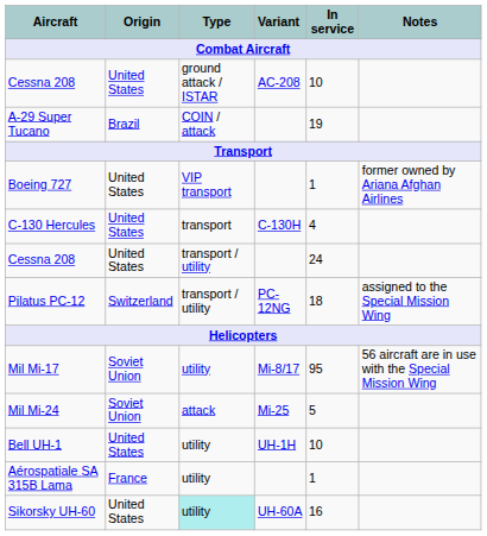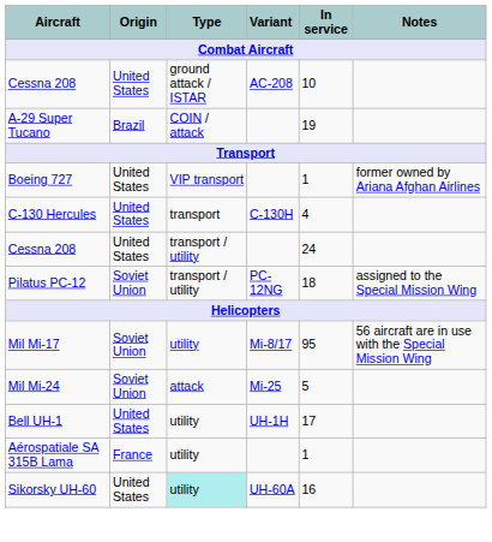 <table class="wikitable">
 <tr>
 <th style="text-align:center; background:#acc;">Aircraft</th>
 <th style="text-align: center; background:#acc;">Origin</th>
 <th style="text-align:l center; background:#acc;">Type</th>
 <th style="text-align:left; background:#acc;">Variant</th>
 <th style="text-align:center; background:#acc;">In service</th>
 <th style="text-align: center; background:#acc;">Notes</th>
 </tr>
 <tr>
 <th style="align: center; background: lavender;" colspan="7"><a href='#'>Combat Aircraft</a></th>
 </tr>
 <tr>
 <td><a href='#'>Cessna 208</a></td>
 <td><a href='#'>United States</a></td>
 <td>ground attack / <a href='#'>ISTAR</a></td>
 <td><a href='#'>AC-208</a></td>
 <td>10</td>
 <td></td>
 </tr>
 <tr>
 <td><a href='#'>A-29 Super Tucano</a></td>
 <td><a href='#'>Brazil</a></td>
 <td><a href='#'>COIN</a> / <a href='#'>attack</a></td>
 <td></td>
 <td>19</td>
 <td></td>
 </tr>
 <tr>
 <th style="align: center; background: lavender;" colspan="7"><a href='#'>Transport</a></th>
 </tr>
 <tr>
 <td><a href='#'>Boeing 727</a></td>
 <td>United States</td>
 <td><a href='#'>VIP transport</a></td>
 <td></td>
 <td>1</td>
 <td>former owned by <a href='#'>Ariana Afghan Airlines</a></td>
 </tr>
 <tr>
 <td><a href='#'>C-130 Hercules</a></td>
 <td><a href='#'>United States</a></td>
 <td>transport</td>
 <td><a href='#'>C-130H</a></td>
 <td>4</td>
 <td></td>
 </tr>
 <tr>
 <td><a href='#'>Cessna 208</a></td>
 <td>United States</td>
 <td>transport / <a href='#'>utility</a></td>
 <td></td>
 <td>24</td>
 <td></td>
 </tr>
 <tr>
 <td><a href='#'>Pilatus PC-12</a></td>
-<td><a href='#'>Switzerland</a></td>
+<td><a href='#'>Soviet Union</a></td>
 <td>transport / utility</td>
 <td><a href='#'>PC-12NG</a></td>
 <td>18</td>
 <td>assigned to the <a href='#'>Special Mission Wing</a></td>
 </tr>
 <tr>
 <th style="align: center; background: lavender;" colspan="7"><a href='#'>Helicopters</a></th>
 </tr>
 <tr>
 <td><a href='#'>Mil Mi-17</a></td>
 <td><a href='#'>Soviet Union</a></td>
 <td><a href='#'>utility</a></td>
 <td><a href='#'>Mi-8/17</a></td>
 <td>95</td>
 <td>56 aircraft are in use with the <a href='#'>Special Mission Wing</a></td>
 </tr>
 <tr>
 <td><a href='#'>Mil Mi-24</a></td>
 <td><a href='#'>Soviet Union</a></td>
 <td><a href='#'>attack</a></td>
 <td><a href='#'>Mi-25</a></td>
 <td>5</td>
 <td></td>
 </tr>
 <tr>
 <td><a href='#'>Bell UH-1</a></td>
 <td><a href='#'>United States</a></td>
 <td>utility</td>
 <td><a href='#'>UH-1H</a></td>
-<td>10</td>
+<td>17</td>
 <td></td>
 </tr>
 <tr>
 <td><a href='#'>Aérospatiale SA 315B Lama</a></td>
 <td><a href='#'>France</a></td>
 <td>utility</td>
 <td></td>
 <td>1</td>
 <td></td>
 </tr>
 <tr>
 <td><a href='#'>Sikorsky UH-60</a></td>
 <td>United States</td>
 <td style="background: paleturquoise;">utility</td>
 <td><a href='#'>UH-60A</a></td>
 <td>16</td>
 <td></td>
 </tr>
 </table>
